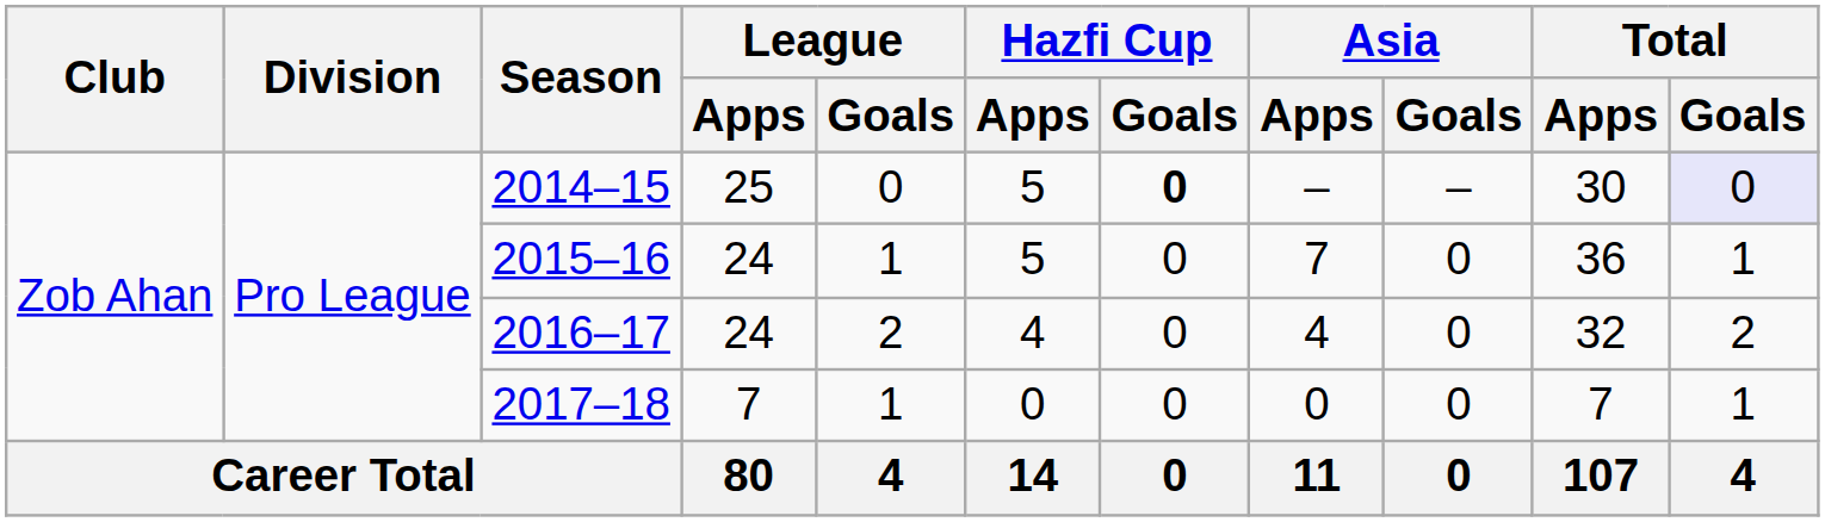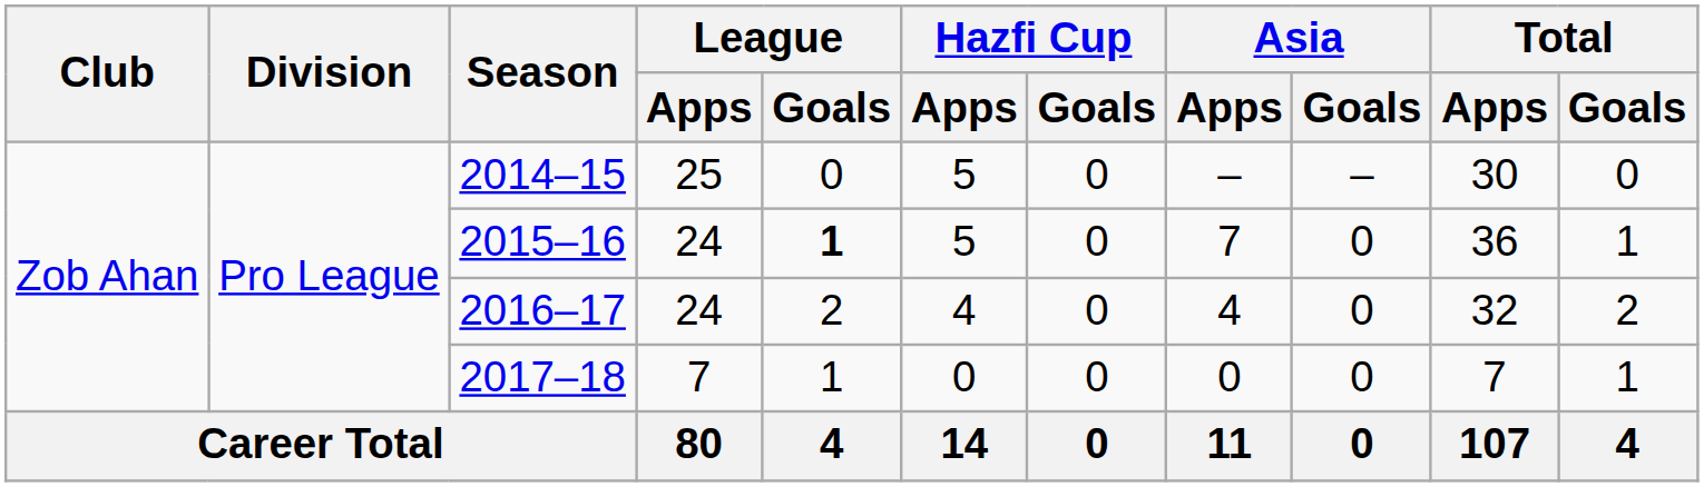 <table class="wikitable" style="text-align: center;">
 <tr>
 <th rowspan="2">Club</th>
 <th rowspan="2">Division</th>
 <th rowspan="2">Season</th>
 <th colspan="2">League</th>
 <th colspan="2"><a href='#'>Hazfi Cup</a></th>
 <th colspan="2"><a href='#'>Asia</a></th>
 <th colspan="2">Total</th>
 </tr>
 <tr>
 <th>Apps</th>
 <th>Goals</th>
 <th>Apps</th>
 <th>Goals</th>
 <th>Apps</th>
 <th>Goals</th>
 <th>Apps</th>
 <th>Goals</th>
 </tr>
 <tr>
 <td rowspan="4"><a href='#'>Zob Ahan</a></td>
 <td rowspan="4"><a href='#'>Pro League</a></td>
 <td><a href='#'>2014–15</a></td>
 <td>25</td>
 <td>0</td>
 <td>5</td>
-<td><strong>0</strong></td>
+<td>0</td>
 <td>–</td>
 <td>–</td>
 <td>30</td>
-<td style="background: lavender;">0</td>
+<td>0</td>
 </tr>
 <tr>
 <td><a href='#'>2015–16</a></td>
 <td>24</td>
-<td>1</td>
+<td><strong>1</strong></td>
 <td>5</td>
 <td>0</td>
 <td>7</td>
 <td>0</td>
 <td>36</td>
 <td>1</td>
 </tr>
 <tr>
 <td><a href='#'>2016–17</a></td>
 <td>24</td>
 <td>2</td>
 <td>4</td>
 <td>0</td>
 <td>4</td>
 <td>0</td>
 <td>32</td>
 <td>2</td>
 </tr>
 <tr>
 <td><a href='#'>2017–18</a></td>
 <td>7</td>
 <td>1</td>
 <td>0</td>
 <td>0</td>
 <td>0</td>
 <td>0</td>
 <td>7</td>
 <td>1</td>
 </tr>
 <tr>
 <th colspan="3">Career Total</th>
 <th>80</th>
 <th>4</th>
 <th>14</th>
 <th>0</th>
 <th>11</th>
 <th>0</th>
 <th>107</th>
 <th>4</th>
 </tr>
 </table>
